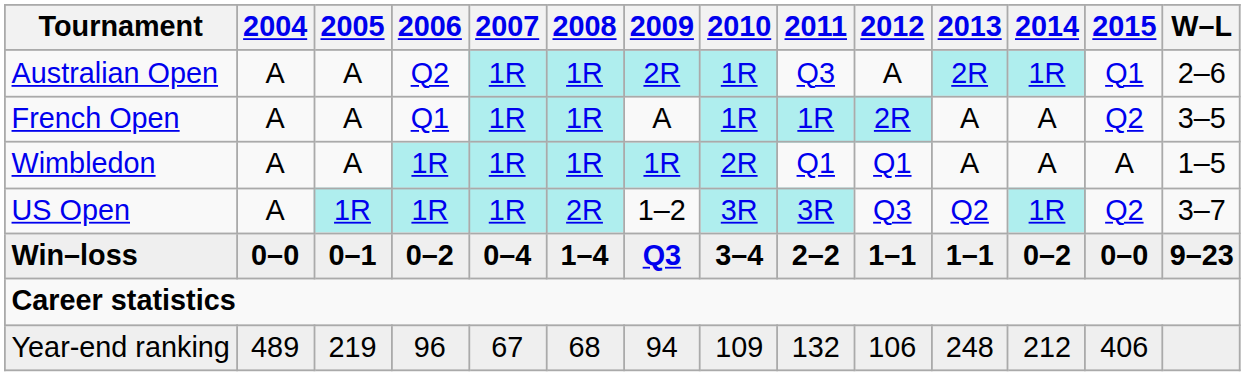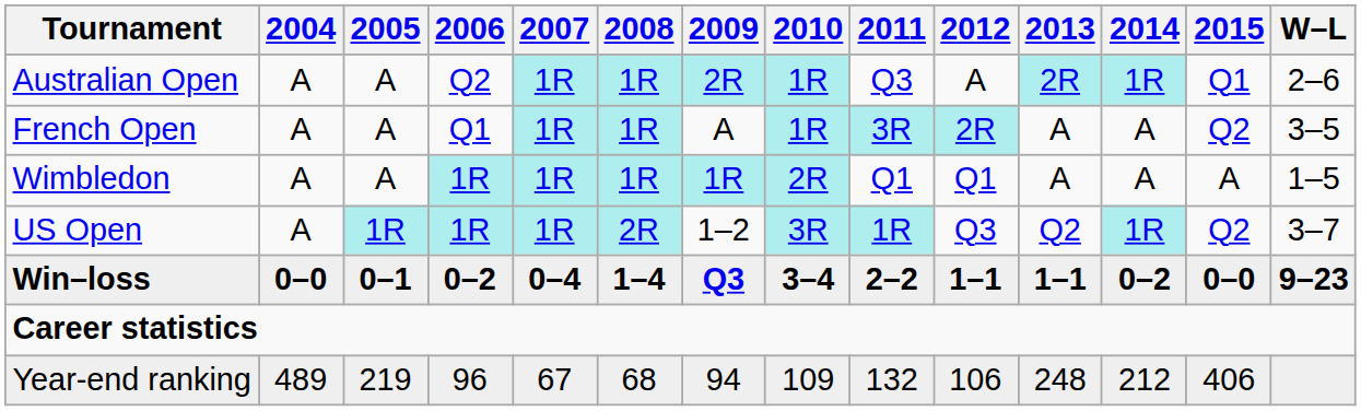 <table class="wikitable" style="text-align:center;">
 <tr>
 <th>Tournament</th>
 <th><a href='#'>2004</a></th>
 <th><a href='#'>2005</a></th>
 <th><a href='#'>2006</a></th>
 <th><a href='#'>2007</a></th>
 <th><a href='#'>2008</a></th>
 <th><a href='#'>2009</a></th>
 <th><a href='#'>2010</a></th>
 <th><a href='#'>2011</a></th>
 <th><a href='#'>2012</a></th>
 <th><a href='#'>2013</a></th>
 <th><a href='#'>2014</a></th>
 <th><a href='#'>2015</a></th>
 <th>W–L</th>
 </tr>
 <tr>
 <td align="left"><a href='#'>Australian Open</a></td>
 <td>A</td>
 <td>A</td>
 <td><a href='#'>Q2</a></td>
 <td bgcolor="#afeeee"><a href='#'>1R</a></td>
 <td bgcolor="#afeeee"><a href='#'>1R</a></td>
 <td bgcolor="#afeeee"><a href='#'>2R</a></td>
 <td bgcolor="#afeeee"><a href='#'>1R</a></td>
 <td><a href='#'>Q3</a></td>
 <td>A</td>
 <td bgcolor="#afeeee"><a href='#'>2R</a></td>
 <td bgcolor="#afeeee"><a href='#'>1R</a></td>
 <td><a href='#'>Q1</a></td>
 <td>2–6</td>
 </tr>
 <tr>
 <td align="left"><a href='#'>French Open</a></td>
 <td>A</td>
 <td>A</td>
 <td><a href='#'>Q1</a></td>
 <td bgcolor="#afeeee"><a href='#'>1R</a></td>
 <td bgcolor="#afeeee"><a href='#'>1R</a></td>
 <td>A</td>
 <td bgcolor="#afeeee"><a href='#'>1R</a></td>
-<td bgcolor="#afeeee"><a href='#'>1R</a></td>
+<td bgcolor="#afeeee"><a href='#'>3R</a></td>
 <td bgcolor="#afeeee"><a href='#'>2R</a></td>
 <td>A</td>
 <td>A</td>
 <td><a href='#'>Q2</a></td>
 <td>3–5</td>
 </tr>
 <tr>
 <td align="left"><a href='#'>Wimbledon</a></td>
 <td>A</td>
 <td>A</td>
 <td bgcolor="#afeeee"><a href='#'>1R</a></td>
 <td bgcolor="#afeeee"><a href='#'>1R</a></td>
 <td bgcolor="#afeeee"><a href='#'>1R</a></td>
 <td bgcolor="#afeeee"><a href='#'>1R</a></td>
 <td bgcolor="#afeeee"><a href='#'>2R</a></td>
 <td><a href='#'>Q1</a></td>
 <td><a href='#'>Q1</a></td>
 <td>A</td>
 <td>A</td>
 <td>A</td>
 <td>1–5</td>
 </tr>
 <tr>
 <td align="left"><a href='#'>US Open</a></td>
 <td>A</td>
 <td bgcolor="#afeeee"><a href='#'>1R</a></td>
 <td bgcolor="#afeeee"><a href='#'>1R</a></td>
 <td bgcolor="#afeeee"><a href='#'>1R</a></td>
 <td bgcolor="#afeeee"><a href='#'>2R</a></td>
 <td>1–2</td>
 <td bgcolor="#afeeee"><a href='#'>3R</a></td>
-<td bgcolor="#afeeee"><a href='#'>3R</a></td>
+<td bgcolor="#afeeee"><a href='#'>1R</a></td>
 <td><a href='#'>Q3</a></td>
 <td><a href='#'>Q2</a></td>
 <td bgcolor="#afeeee"><a href='#'>1R</a></td>
 <td><a href='#'>Q2</a></td>
 <td>3–7</td>
 </tr>
 <tr style="background:#efefef; font-weight:bold;">
 <td style="text-align:left">Win–loss</td>
 <td>0–0</td>
 <td>0–1</td>
 <td>0–2</td>
 <td>0–4</td>
 <td>1–4</td>
 <td><a href='#'>Q3</a></td>
 <td>3–4</td>
 <td>2–2</td>
 <td>1–1</td>
 <td>1–1</td>
 <td>0–2</td>
 <td>0–0</td>
 <td>9–23</td>
 </tr>
 <tr>
 <td align=left colspan="15"><strong>Career statistics</strong></td>
 </tr>
 <tr bgcolor=efefef>
 <td align="left">Year-end ranking</td>
 <td>489</td>
 <td>219</td>
 <td>96</td>
 <td>67</td>
 <td>68</td>
 <td>94</td>
 <td>109</td>
 <td>132</td>
 <td>106</td>
 <td>248</td>
 <td>212</td>
 <td>406</td>
 <td colspan="2"></td>
 </tr>
 </table>
